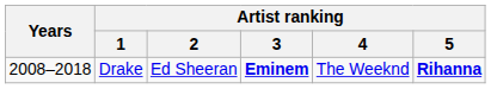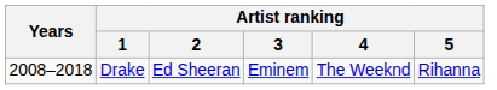 <table class="wikitable">
 <tr>
 <th rowspan="2">Years</th>
 <th colspan="5">Artist ranking</th>
 </tr>
 <tr>
 <th>1</th>
 <th>2</th>
 <th>3</th>
 <th>4</th>
 <th>5</th>
 </tr>
 <tr>
 <td>2008–2018</td>
 <td><a href='#'>Drake</a></td>
 <td><a href='#'>Ed Sheeran</a></td>
-<td><strong><a href='#'>Eminem</a></strong></td>
+<td><a href='#'>Eminem</a></td>
 <td><a href='#'>The Weeknd</a></td>
-<td><strong><a href='#'>Rihanna</a></strong></td>
+<td><a href='#'>Rihanna</a></td>
 </tr>
 </table>
